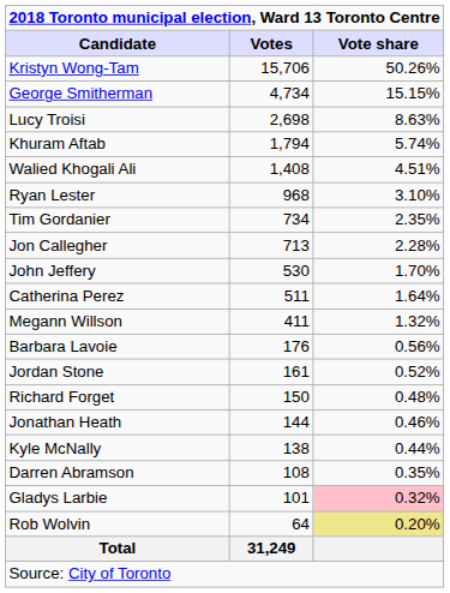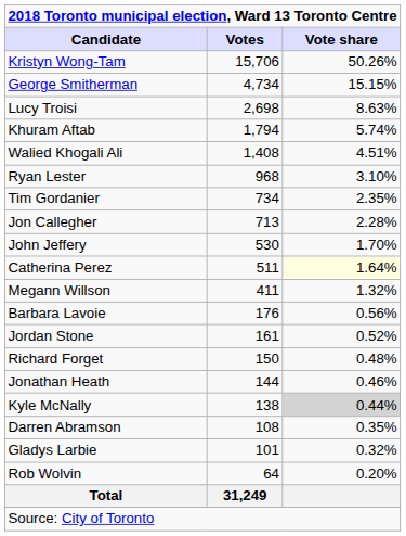 <table class="wikitable plainrowheaders">
 <tr>
 <td colspan="3"><strong><a href='#'>2018 Toronto municipal election</a>, Ward 13 Toronto Centre</strong></td>
 </tr>
 <tr>
 <th scope="col" style="background:#ddf;">Candidate</th>
 <th scope="col" style="background:#ddf;">Votes</th>
 <th scope="col" style="background:#ddf;">Vote share</th>
 </tr>
 <tr>
 <td scope="row"><a href='#'>Kristyn Wong-Tam</a></td>
 <td align="right">15,706</td>
 <td align="right">50.26%</td>
 </tr>
 <tr>
 <td scope="row"><a href='#'>George Smitherman</a></td>
 <td align="right">4,734</td>
 <td align="right">15.15%</td>
 </tr>
 <tr>
 <td scope="row">Lucy Troisi</td>
 <td align="right">2,698</td>
 <td align="right">8.63%</td>
 </tr>
 <tr>
 <td scope="row">Khuram Aftab</td>
 <td align="right">1,794</td>
 <td align="right">5.74%</td>
 </tr>
 <tr>
 <td scope="row">Walied Khogali Ali</td>
 <td align="right">1,408</td>
 <td align="right">4.51%</td>
 </tr>
 <tr>
 <td>Ryan Lester</td>
 <td align="right">968</td>
 <td align="right">3.10%</td>
 </tr>
 <tr>
 <td>Tim Gordanier</td>
 <td align="right">734</td>
 <td align="right">2.35%</td>
 </tr>
 <tr>
 <td>Jon Callegher</td>
 <td align="right">713</td>
 <td align="right">2.28%</td>
 </tr>
 <tr>
 <td>John Jeffery</td>
 <td align="right">530</td>
 <td align="right">1.70%</td>
 </tr>
 <tr>
 <td>Catherina Perez</td>
 <td align="right">511</td>
-<td align="right">1.64%</td>
+<td align="right" style="background: lightyellow;">1.64%</td>
 </tr>
 <tr>
 <td>Megann Willson</td>
 <td align="right">411</td>
 <td align="right">1.32%</td>
 </tr>
 <tr>
 <td scope="row">Barbara Lavoie</td>
 <td align="right">176</td>
 <td align="right">0.56%</td>
 </tr>
 <tr>
 <td>Jordan Stone</td>
 <td align="right">161</td>
 <td align="right">0.52%</td>
 </tr>
 <tr>
 <td>Richard Forget</td>
 <td align="right">150</td>
 <td align="right">0.48%</td>
 </tr>
 <tr>
 <td>Jonathan Heath</td>
 <td align="right">144</td>
 <td align="right">0.46%</td>
 </tr>
 <tr>
 <td>Kyle McNally</td>
 <td align="right">138</td>
-<td align="right">0.44%</td>
+<td align="right" style="background: lightgrey;">0.44%</td>
 </tr>
 <tr>
 <td>Darren Abramson</td>
 <td align="right">108</td>
 <td align="right">0.35%</td>
 </tr>
 <tr>
 <td>Gladys Larbie</td>
 <td align="right">101</td>
-<td align="right" style="background: pink;">0.32%</td>
+<td align="right">0.32%</td>
 </tr>
 <tr>
 <td>Rob Wolvin</td>
 <td align="right">64</td>
-<td align="right" style="background: khaki;">0.20%</td>
+<td align="right">0.20%</td>
 </tr>
 <tr>
 <th scope="row"><strong>Total</strong></th>
 <th align="right">31,249</th>
 <th align="right"></th>
 </tr>
 <tr>
 <td colspan="3">Source: <a href='#'>City of Toronto</a></td>
 </tr>
 </table>
